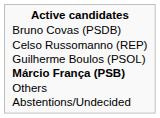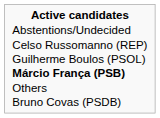 <table style="float; margin-left: 1em; margin-bottom: 0.5em" class="infobox">
 <tr>
 <td style="text-align: center"><span><strong>Active candidates</strong></span></td>
 </tr>
 <tr>
-<td style="padding: 0 5px;"> Bruno Covas (PSDB)</td>
+<td style="padding: 0 5px;"> Abstentions/Undecided</td>
 </tr>
 <tr>
 <td style="padding: 0 5px;"> Celso Russomanno (REP)</td>
 </tr>
 <tr>
 <td style="padding: 0 5px;"> Guilherme Boulos (PSOL)</td>
 </tr>
 <tr>
 <td style="padding: 0 5px;"><strong> Márcio França (PSB)</strong></td>
 </tr>
 <tr>
 <td style="padding: 0 5px;"> Others</td>
 </tr>
 <tr>
-<td style="padding: 0 5px;"> Abstentions/Undecided</td>
+<td style="padding: 0 5px;"> Bruno Covas (PSDB)</td>
 </tr>
 </table>
